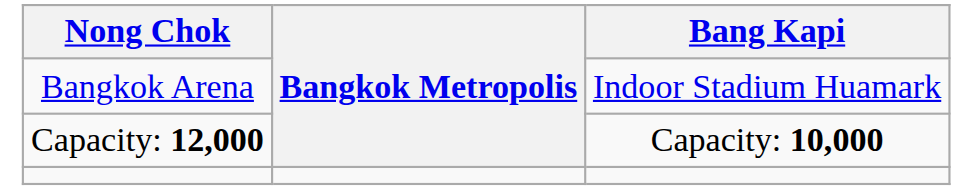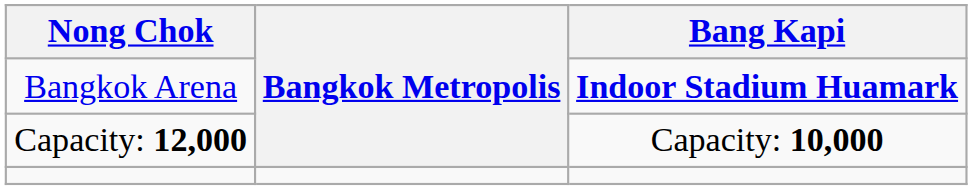 <table class="wikitable" style="margin:1em auto; text-align:center;">
 <tr>
 <th><a href='#'>Nong Chok</a></th>
 <th rowspan=3><a href='#'>Bangkok Metropolis</a></th>
 <th><a href='#'>Bang Kapi</a></th>
 </tr>
 <tr>
 <td><a href='#'>Bangkok Arena</a></td>
-<td><a href='#'>Indoor Stadium Huamark</a></td>
+<td><strong><a href='#'>Indoor Stadium Huamark</a></strong></td>
 </tr>
 <tr>
 <td>Capacity: <strong>12,000</strong></td>
 <td>Capacity: <strong>10,000</strong></td>
 </tr>
 <tr>
 <td></td>
 <td></td>
 <td></td>
 </tr>
 </table>
